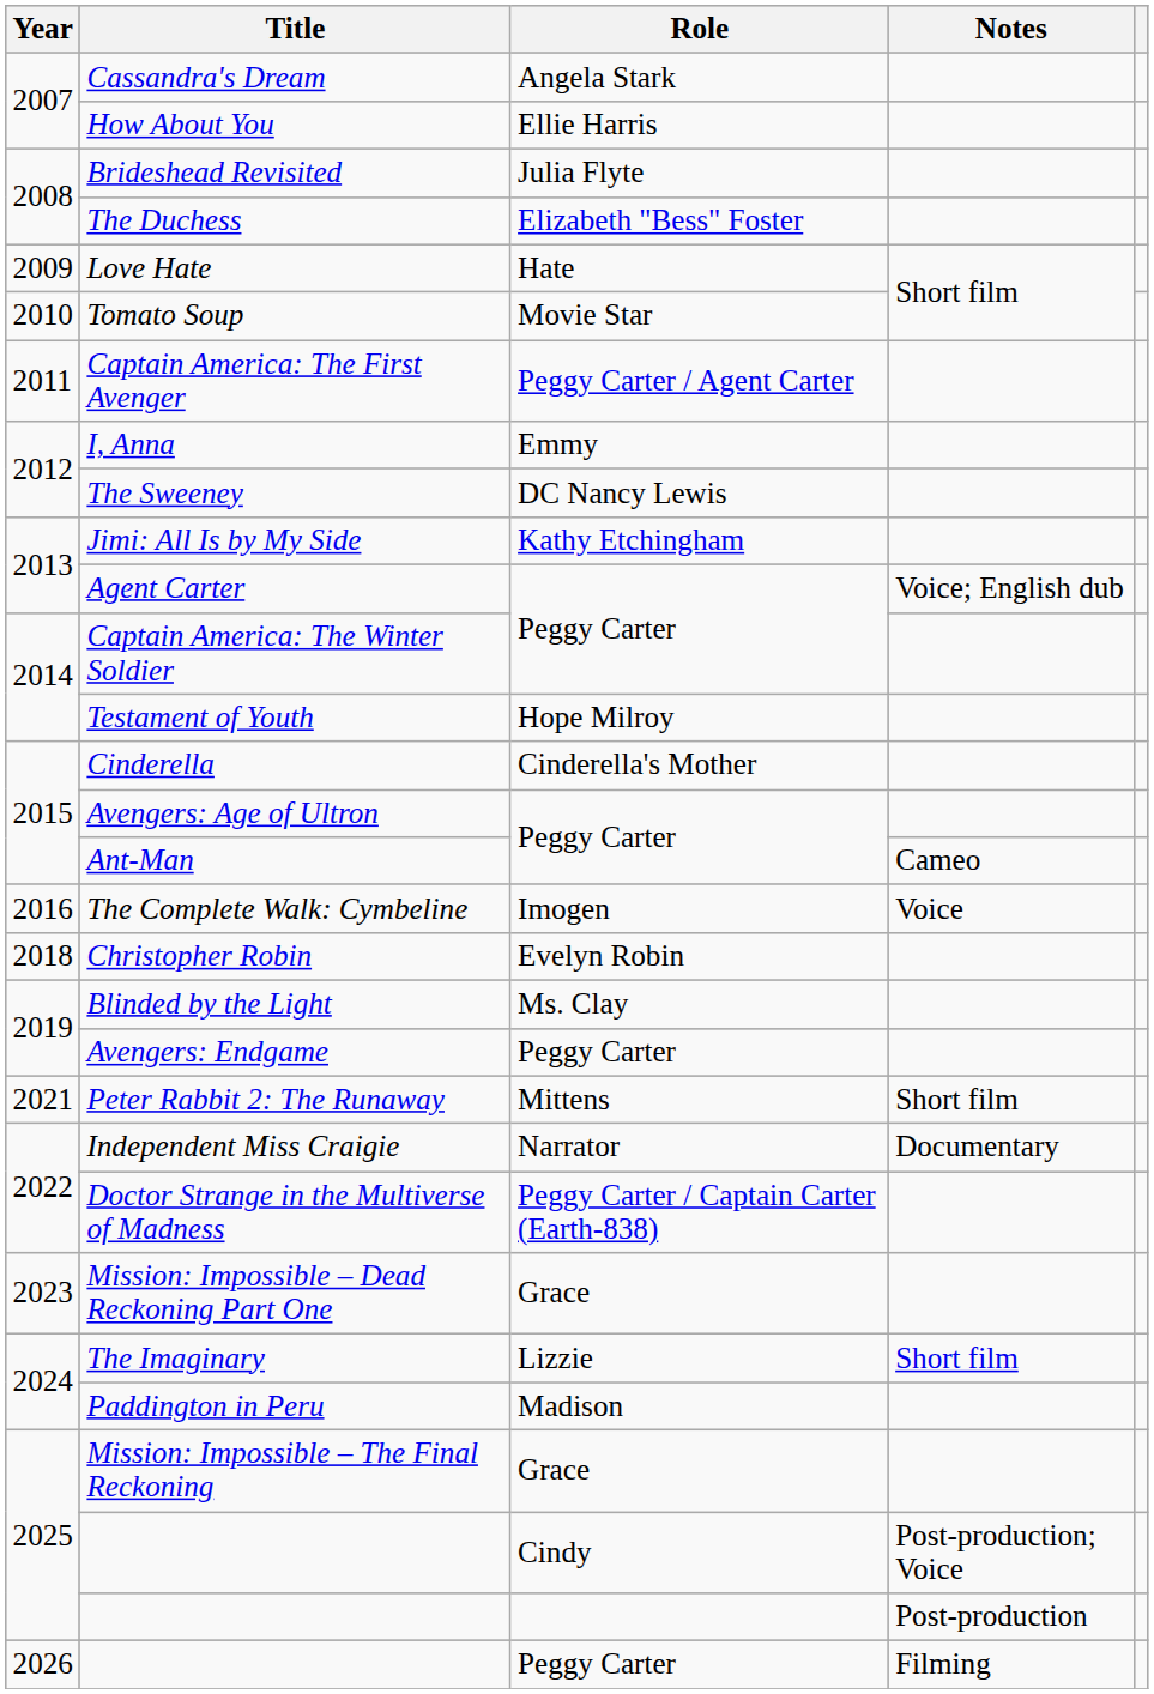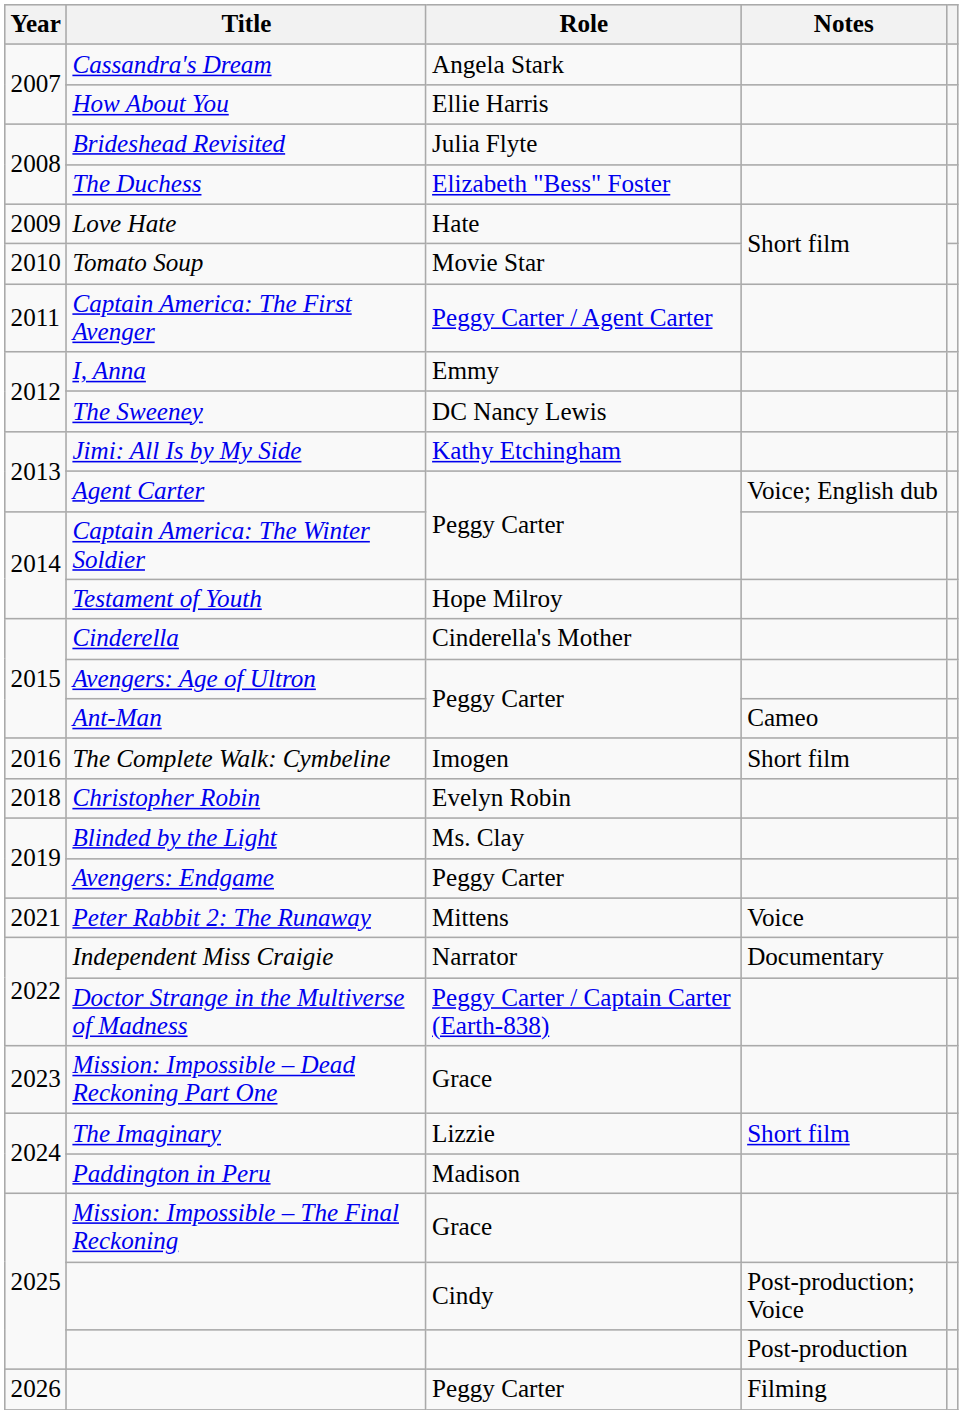 <table class="wikitable sortable">
 <tr>
 <th>Year</th>
 <th>Title</th>
 <th>Role</th>
 <th class="unsortable">Notes</th>
 <th class="unsortable"></th>
 </tr>
 <tr>
 <td rowspan="2">2007</td>
 <td><em><a href='#'>Cassandra's Dream</a></em></td>
 <td>Angela Stark</td>
 <td></td>
 <td></td>
 </tr>
 <tr>
 <td><em><a href='#'>How About You</a></em></td>
 <td>Ellie Harris</td>
 <td></td>
 <td></td>
 </tr>
 <tr>
 <td rowspan="2">2008</td>
 <td><em><a href='#'>Brideshead Revisited</a></em></td>
 <td>Julia Flyte</td>
 <td></td>
 <td></td>
 </tr>
 <tr>
 <td><em><a href='#'>The Duchess</a></em></td>
 <td><a href='#'>Elizabeth "Bess" Foster</a></td>
 <td></td>
 <td></td>
 </tr>
 <tr>
 <td>2009</td>
 <td><em>Love Hate</em></td>
 <td>Hate</td>
 <td rowspan="2">Short film</td>
 <td></td>
 </tr>
 <tr>
 <td>2010</td>
 <td><em>Tomato Soup</em></td>
 <td>Movie Star</td>
 <td></td>
 </tr>
 <tr>
 <td>2011</td>
 <td><em><a href='#'>Captain America: The First Avenger</a></em></td>
 <td><a href='#'>Peggy Carter / Agent Carter</a></td>
 <td></td>
 <td></td>
 </tr>
 <tr>
 <td rowspan="2">2012</td>
 <td><em><a href='#'>I, Anna</a></em></td>
 <td>Emmy</td>
 <td></td>
 <td></td>
 </tr>
 <tr>
 <td><em><a href='#'>The Sweeney</a></em></td>
 <td>DC Nancy Lewis</td>
 <td></td>
 <td></td>
 </tr>
 <tr>
 <td rowspan="2">2013</td>
 <td><em><a href='#'>Jimi: All Is by My Side</a></em></td>
 <td><a href='#'>Kathy Etchingham</a></td>
 <td></td>
 <td></td>
 </tr>
 <tr>
 <td><em><a href='#'>Agent Carter</a></em></td>
 <td rowspan="2">Peggy Carter</td>
 <td>Voice; English dub</td>
 <td></td>
 </tr>
 <tr>
 <td rowspan="2">2014</td>
 <td><em><a href='#'>Captain America: The Winter Soldier</a></em></td>
 <td></td>
 <td></td>
 </tr>
 <tr>
 <td><em><a href='#'>Testament of Youth</a></em></td>
 <td>Hope Milroy</td>
 <td></td>
 <td></td>
 </tr>
 <tr>
 <td rowspan="3">2015</td>
 <td><em><a href='#'>Cinderella</a></em></td>
 <td>Cinderella's Mother</td>
 <td></td>
 <td></td>
 </tr>
 <tr>
 <td><em><a href='#'>Avengers: Age of Ultron</a></em></td>
 <td rowspan="2">Peggy Carter</td>
 <td></td>
 <td></td>
 </tr>
 <tr>
 <td><em><a href='#'>Ant-Man</a></em></td>
 <td>Cameo</td>
 <td></td>
 </tr>
 <tr>
 <td>2016</td>
 <td><em>The Complete Walk: Cymbeline</em></td>
 <td>Imogen</td>
-<td>Voice</td>
+<td>Short film</td>
 <td></td>
 </tr>
 <tr>
 <td>2018</td>
 <td><em><a href='#'>Christopher Robin</a></em></td>
 <td>Evelyn Robin</td>
 <td></td>
 <td></td>
 </tr>
 <tr>
 <td rowspan="2">2019</td>
 <td><em><a href='#'>Blinded by the Light</a></em></td>
 <td>Ms. Clay</td>
 <td></td>
 <td></td>
 </tr>
 <tr>
 <td><em><a href='#'>Avengers: Endgame</a></em></td>
 <td>Peggy Carter</td>
 <td></td>
 <td></td>
 </tr>
 <tr>
 <td>2021</td>
 <td><em><a href='#'>Peter Rabbit 2: The Runaway</a></em></td>
 <td>Mittens</td>
-<td>Short film</td>
+<td>Voice</td>
 <td></td>
 </tr>
 <tr>
 <td rowspan="2">2022</td>
 <td><em>Independent Miss Craigie</em></td>
 <td>Narrator</td>
 <td>Documentary</td>
 <td></td>
 </tr>
 <tr>
 <td><em><a href='#'>Doctor Strange in the Multiverse of Madness</a></em></td>
 <td><a href='#'>Peggy Carter / Captain Carter (Earth-838)</a></td>
 <td></td>
 <td></td>
 </tr>
 <tr>
 <td>2023</td>
 <td><em><a href='#'>Mission: Impossible – Dead Reckoning Part One</a></em></td>
 <td>Grace</td>
 <td></td>
 <td></td>
 </tr>
 <tr>
 <td rowspan="2">2024</td>
 <td><em><a href='#'>The Imaginary</a></em></td>
 <td>Lizzie</td>
 <td><a href='#'>Short film</a></td>
 <td></td>
 </tr>
 <tr>
 <td><em><a href='#'>Paddington in Peru</a></em></td>
 <td>Madison</td>
 <td></td>
 <td></td>
 </tr>
 <tr>
 <td rowspan=3>2025</td>
 <td><em><a href='#'>Mission: Impossible – The Final Reckoning</a></em></td>
 <td>Grace</td>
 <td></td>
 <td></td>
 </tr>
 <tr>
 <td></td>
 <td>Cindy</td>
 <td>Post-production; Voice</td>
 <td></td>
 </tr>
 <tr>
 <td></td>
 <td></td>
 <td>Post-production</td>
 <td></td>
 </tr>
 <tr>
 <td>2026</td>
 <td></td>
 <td>Peggy Carter</td>
 <td>Filming</td>
 <td></td>
 </tr>
 </table>
